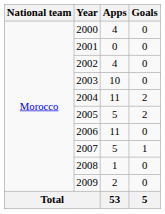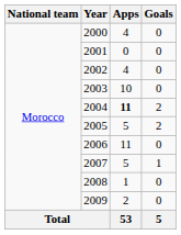 <table class="wikitable" style="text-align:center">
 <tr>
 <th>National team</th>
 <th>Year</th>
 <th>Apps</th>
 <th>Goals</th>
 </tr>
 <tr>
 <td rowspan="10"><a href='#'>Morocco</a></td>
 <td>2000</td>
 <td>4</td>
 <td>0</td>
 </tr>
 <tr>
 <td>2001</td>
 <td>0</td>
 <td>0</td>
 </tr>
 <tr>
 <td>2002</td>
 <td>4</td>
 <td>0</td>
 </tr>
 <tr>
 <td>2003</td>
 <td>10</td>
 <td>0</td>
 </tr>
 <tr>
 <td>2004</td>
-<td>11</td>
+<td><strong>11</strong></td>
 <td>2</td>
 </tr>
 <tr>
 <td>2005</td>
 <td>5</td>
 <td>2</td>
 </tr>
 <tr>
 <td>2006</td>
 <td>11</td>
 <td>0</td>
 </tr>
 <tr>
 <td>2007</td>
 <td>5</td>
 <td>1</td>
 </tr>
 <tr>
 <td>2008</td>
 <td>1</td>
 <td>0</td>
 </tr>
 <tr>
 <td>2009</td>
 <td>2</td>
 <td>0</td>
 </tr>
 <tr>
 <th colspan="2">Total</th>
 <th>53</th>
 <th>5</th>
 </tr>
 </table>
